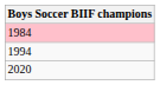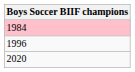 <table class="wikitable">
 <tr>
 <th>Boys Soccer BIIF champions</th>
 </tr>
 <tr>
 <td style="background: pink;">1984</td>
 </tr>
 <tr>
-<td>1994</td>
+<td>1996</td>
 </tr>
 <tr>
 <td>2020</td>
 </tr>
 </table>
